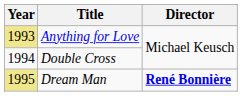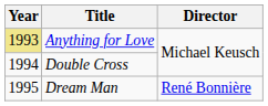 <table class="wikitable">
 <tr>
 <th>Year</th>
 <th>Title</th>
 <th>Director</th>
 </tr>
 <tr>
 <td style="background: khaki;">1993</td>
 <td><em><a href='#'>Anything for Love</a></em></td>
 <td rowspan=2>Michael Keusch</td>
 </tr>
 <tr>
 <td>1994</td>
 <td><em>Double Cross</em></td>
 </tr>
 <tr>
-<td style="background: khaki;">1995</td>
+<td>1995</td>
 <td><em>Dream Man</em></td>
-<td><strong><a href='#'>René Bonnière</a></strong></td>
+<td><a href='#'>René Bonnière</a></td>
 </tr>
 </table>
